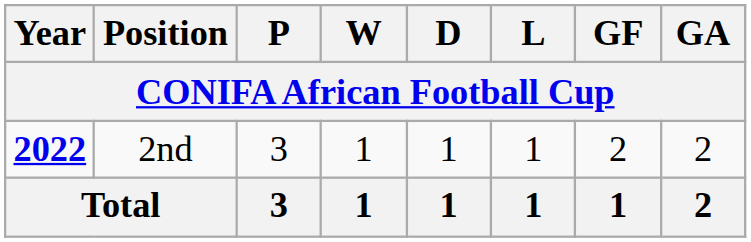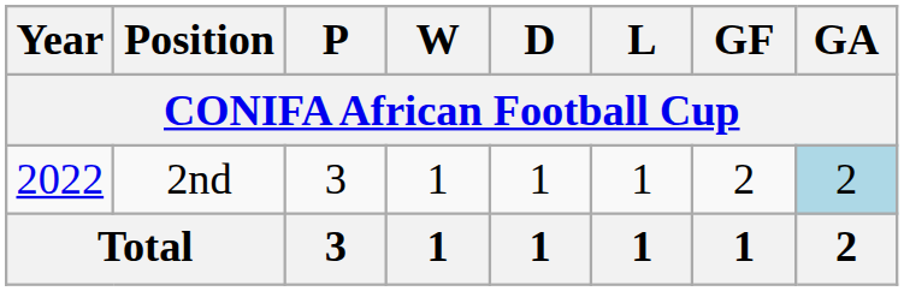 <table class="wikitable" style="text-align: center;">
 <tr>
 <th>Year</th>
 <th>Position</th>
 <th width=30>P</th>
 <th width=30>W</th>
 <th width=30>D</th>
 <th width=30>L</th>
 <th width=30>GF</th>
 <th width=30>GA</th>
 </tr>
 <tr>
 <th colspan=8><a href='#'>CONIFA African Football Cup</a></th>
 </tr>
 <tr>
-<td><strong> <a href='#'>2022</a></strong></td>
+<td> <a href='#'>2022</a></td>
 <td>2nd</td>
 <td>3</td>
 <td>1</td>
 <td>1</td>
 <td>1</td>
 <td>2</td>
-<td>2</td>
+<td style="background: lightblue;">2</td>
 </tr>
 <tr>
 <th colspan=2>Total</th>
 <th>3</th>
 <th>1</th>
 <th>1</th>
 <th>1</th>
 <th>1</th>
 <th>2</th>
 </tr>
 </table>
